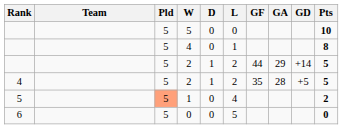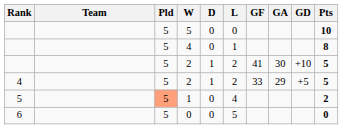 <table class="wikitable" style="text-align: center; font-size:90% ">
 <tr>
 <th width=35>Rank</th>
 <th width=160>Team</th>
 <th width=25>Pld</th>
 <th width=25>W</th>
 <th width=25>D</th>
 <th width=25>L</th>
 <th width=25>GF</th>
 <th width=25>GA</th>
 <th width=25>GD</th>
 <th width=25>Pts</th>
 </tr>
 <tr>
 <td></td>
 <td align=left></td>
 <td>5</td>
 <td>5</td>
 <td>0</td>
 <td>0</td>
 <td></td>
 <td></td>
 <td></td>
 <td><strong>10</strong></td>
 </tr>
 <tr>
 <td></td>
 <td align=left></td>
 <td>5</td>
 <td>4</td>
 <td>0</td>
 <td>1</td>
 <td></td>
 <td></td>
 <td></td>
 <td><strong>8</strong></td>
 </tr>
 <tr>
 <td></td>
 <td align=left></td>
 <td>5</td>
 <td>2</td>
 <td>1</td>
 <td>2</td>
-<td>44</td>
-<td>29</td>
-<td>+14</td>
+<td>41</td>
+<td>30</td>
+<td>+10</td>
 <td><strong>5</strong></td>
 </tr>
 <tr>
 <td>4</td>
 <td align=left></td>
 <td>5</td>
 <td>2</td>
 <td>1</td>
 <td>2</td>
-<td>35</td>
-<td>28</td>
+<td>33</td>
+<td>29</td>
 <td>+5</td>
 <td><strong>5</strong></td>
 </tr>
 <tr>
 <td>5</td>
 <td align=left></td>
 <td style="background: lightsalmon;">5</td>
 <td>1</td>
 <td>0</td>
 <td>4</td>
 <td></td>
 <td></td>
 <td></td>
 <td><strong>2</strong></td>
 </tr>
 <tr>
 <td>6</td>
 <td align=left></td>
 <td>5</td>
 <td>0</td>
 <td>0</td>
 <td>5</td>
 <td></td>
 <td></td>
 <td></td>
 <td><strong>0</strong></td>
 </tr>
 </table>
